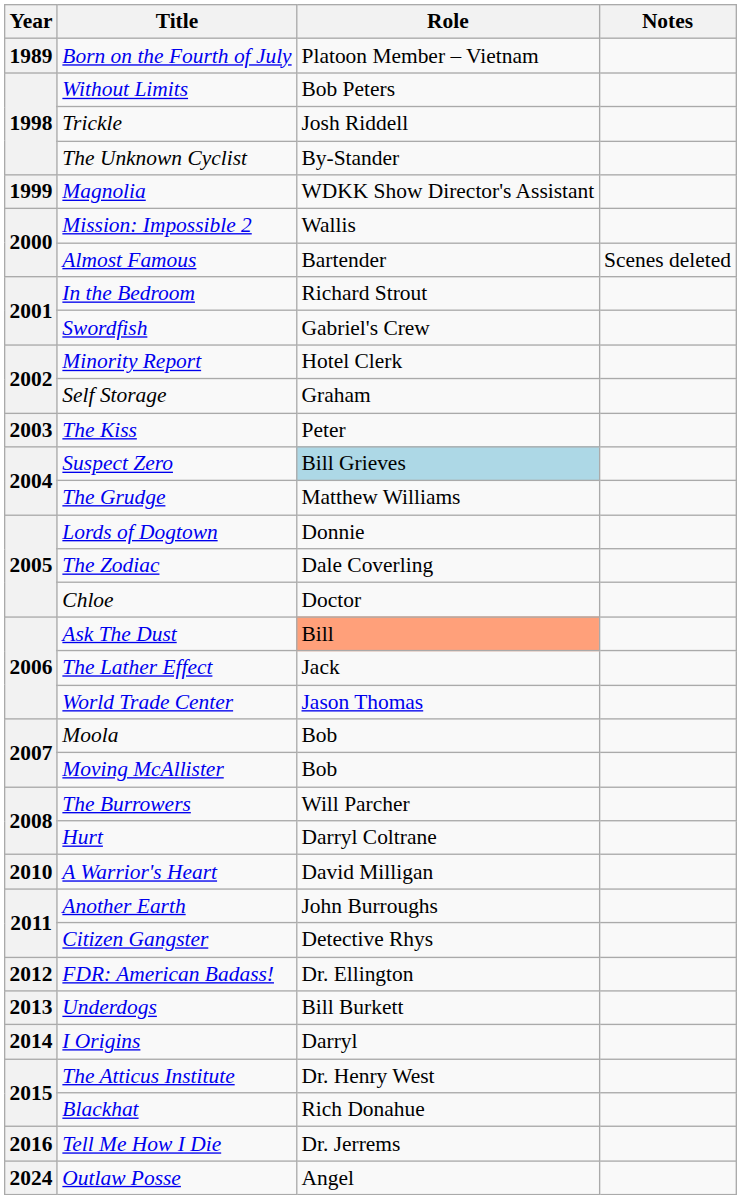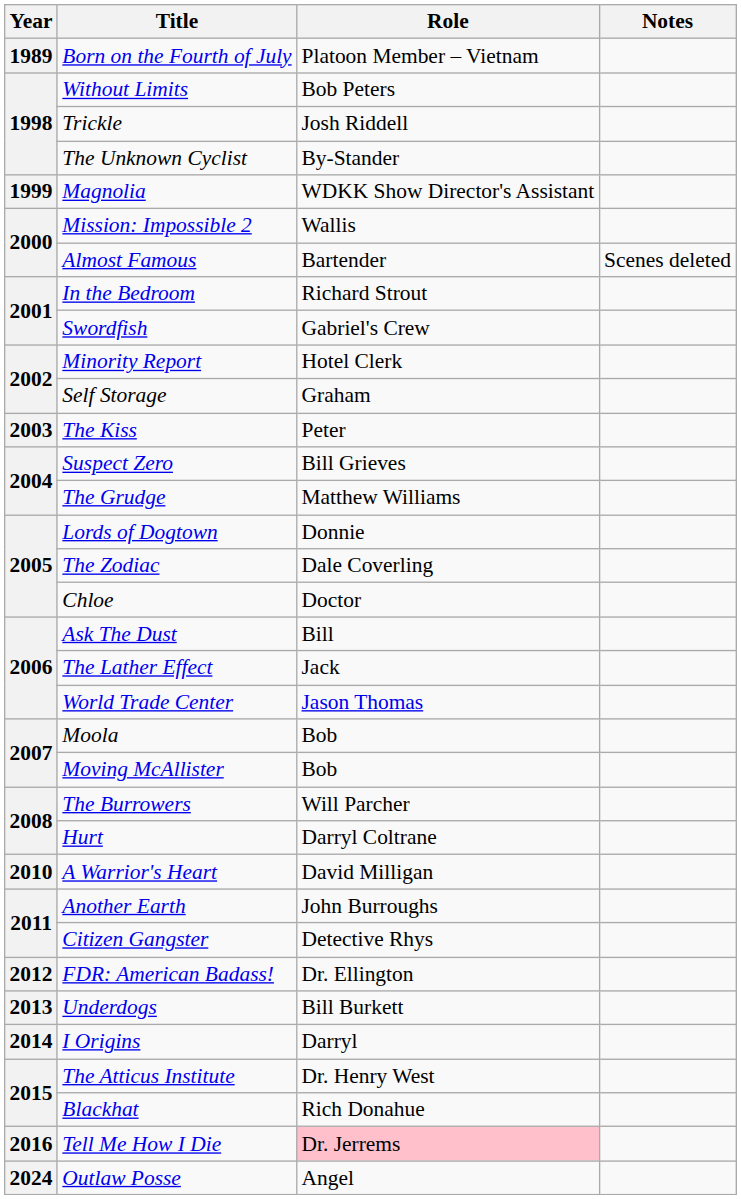 <table class="wikitable plainrowheaders sortable">
 <tr>
 <th scope="col">Year</th>
 <th scope="col">Title</th>
 <th scope="col">Role</th>
 <th scope="col" class="unsortable">Notes</th>
 </tr>
 <tr>
 <th scope="row">1989</th>
 <td><em><a href='#'>Born on the Fourth of July</a></em></td>
 <td>Platoon Member – Vietnam</td>
 <td></td>
 </tr>
 <tr>
 <th scope="row" rowspan="3">1998</th>
 <td><em><a href='#'>Without Limits</a></em></td>
 <td>Bob Peters</td>
 <td></td>
 </tr>
 <tr>
 <td><em>Trickle</em></td>
 <td>Josh Riddell</td>
 <td></td>
 </tr>
 <tr>
 <td><em>The Unknown Cyclist</em></td>
 <td>By-Stander</td>
 <td></td>
 </tr>
 <tr>
 <th scope="row">1999</th>
 <td><em><a href='#'>Magnolia</a></em></td>
 <td>WDKK Show Director's Assistant</td>
 <td></td>
 </tr>
 <tr>
 <th scope="row" rowspan="2">2000</th>
 <td><em><a href='#'>Mission: Impossible 2</a></em></td>
 <td>Wallis</td>
 <td></td>
 </tr>
 <tr>
 <td><em><a href='#'>Almost Famous</a></em></td>
 <td>Bartender</td>
 <td>Scenes deleted</td>
 </tr>
 <tr>
 <th scope="row" rowspan="2">2001</th>
 <td><em><a href='#'>In the Bedroom</a></em></td>
 <td>Richard Strout</td>
 <td></td>
 </tr>
 <tr>
 <td><em><a href='#'>Swordfish</a></em></td>
 <td>Gabriel's Crew</td>
 <td></td>
 </tr>
 <tr>
 <th scope="row" rowspan="2">2002</th>
 <td><em><a href='#'>Minority Report</a></em></td>
 <td>Hotel Clerk</td>
 <td></td>
 </tr>
 <tr>
 <td><em>Self Storage</em></td>
 <td>Graham</td>
 <td></td>
 </tr>
 <tr>
 <th scope="row">2003</th>
 <td><em><a href='#'>The Kiss</a></em></td>
 <td>Peter</td>
 <td></td>
 </tr>
 <tr>
 <th scope="row" rowspan="2">2004</th>
 <td><em><a href='#'>Suspect Zero</a></em></td>
-<td style="background: lightblue;">Bill Grieves</td>
+<td>Bill Grieves</td>
 <td></td>
 </tr>
 <tr>
 <td><em><a href='#'>The Grudge</a></em></td>
 <td>Matthew Williams</td>
 <td></td>
 </tr>
 <tr>
 <th scope="row" rowspan="3">2005</th>
 <td><em><a href='#'>Lords of Dogtown</a></em></td>
 <td>Donnie</td>
 <td></td>
 </tr>
 <tr>
 <td><em><a href='#'>The Zodiac</a></em></td>
 <td>Dale Coverling</td>
 <td></td>
 </tr>
 <tr>
 <td><em>Chloe</em></td>
 <td>Doctor</td>
 <td></td>
 </tr>
 <tr>
 <th scope="row" rowspan="3">2006</th>
 <td><em><a href='#'>Ask The Dust</a></em></td>
-<td style="background: lightsalmon;">Bill</td>
+<td>Bill</td>
 <td></td>
 </tr>
 <tr>
 <td><em><a href='#'>The Lather Effect</a></em></td>
 <td>Jack</td>
 <td></td>
 </tr>
 <tr>
 <td><em><a href='#'>World Trade Center</a></em></td>
 <td><a href='#'>Jason Thomas</a></td>
 <td></td>
 </tr>
 <tr>
 <th scope="row" rowspan="2">2007</th>
 <td><em>Moola</em></td>
 <td>Bob</td>
 <td></td>
 </tr>
 <tr>
 <td><em><a href='#'>Moving McAllister</a></em></td>
 <td>Bob</td>
 <td></td>
 </tr>
 <tr>
 <th scope="row" rowspan="2">2008</th>
 <td><em><a href='#'>The Burrowers</a></em></td>
 <td>Will Parcher</td>
 <td></td>
 </tr>
 <tr>
 <td><em><a href='#'>Hurt</a></em></td>
 <td>Darryl Coltrane</td>
 <td></td>
 </tr>
 <tr>
 <th scope="row">2010</th>
 <td><em><a href='#'>A Warrior's Heart</a></em></td>
 <td>David Milligan</td>
 <td></td>
 </tr>
 <tr>
 <th scope="row" rowspan="2">2011</th>
 <td><em><a href='#'>Another Earth</a></em></td>
 <td>John Burroughs</td>
 <td></td>
 </tr>
 <tr>
 <td><em><a href='#'>Citizen Gangster</a></em></td>
 <td>Detective Rhys</td>
 <td></td>
 </tr>
 <tr>
 <th scope="row">2012</th>
 <td><em><a href='#'>FDR: American Badass!</a></em></td>
 <td>Dr. Ellington</td>
 <td></td>
 </tr>
 <tr>
 <th scope="row">2013</th>
 <td><em><a href='#'>Underdogs</a></em></td>
 <td>Bill Burkett</td>
 <td></td>
 </tr>
 <tr>
 <th scope="row">2014</th>
 <td><em><a href='#'>I Origins</a></em></td>
 <td>Darryl</td>
 <td></td>
 </tr>
 <tr>
 <th scope="row" rowspan="2">2015</th>
 <td><em><a href='#'>The Atticus Institute</a></em></td>
 <td>Dr. Henry West</td>
 <td></td>
 </tr>
 <tr>
 <td><em><a href='#'>Blackhat</a></em></td>
 <td>Rich Donahue</td>
 <td></td>
 </tr>
 <tr>
 <th scope="row">2016</th>
 <td><em><a href='#'>Tell Me How I Die</a></em></td>
-<td>Dr. Jerrems</td>
+<td style="background: pink;">Dr. Jerrems</td>
 <td></td>
 </tr>
 <tr>
 <th scope="row">2024</th>
 <td><em><a href='#'>Outlaw Posse</a></em></td>
 <td>Angel</td>
 <td></td>
 </tr>
 </table>
